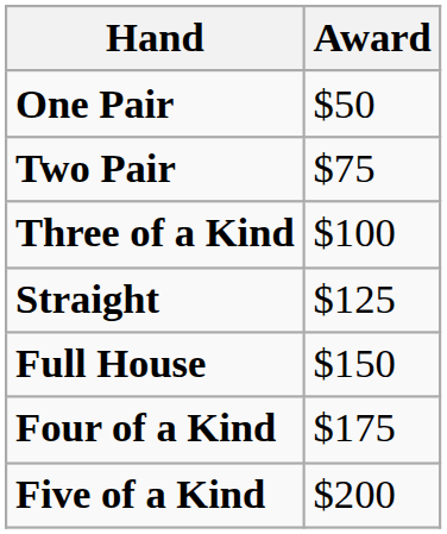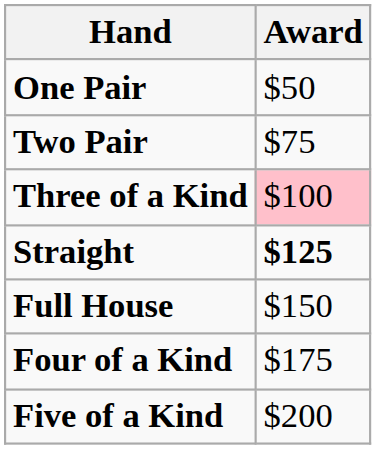 <table class="wikitable" border="1">
 <tr>
 <th>Hand</th>
 <th>Award</th>
 </tr>
 <tr>
 <td><strong>One Pair</strong></td>
 <td>$50</td>
 </tr>
 <tr>
 <td><strong>Two Pair</strong></td>
 <td>$75</td>
 </tr>
 <tr>
 <td><strong>Three of a Kind</strong></td>
-<td>$100</td>
+<td style="background: pink;">$100</td>
 </tr>
 <tr>
 <td><strong>Straight</strong></td>
-<td>$125</td>
+<td><strong>$125</strong></td>
 </tr>
 <tr>
 <td><strong>Full House</strong></td>
 <td>$150</td>
 </tr>
 <tr>
 <td><strong>Four of a Kind</strong></td>
 <td>$175</td>
 </tr>
 <tr>
 <td><strong>Five of a Kind</strong></td>
 <td>$200</td>
 </tr>
 </table>
